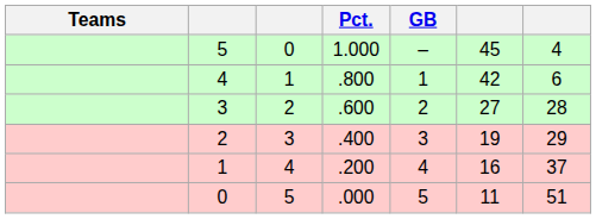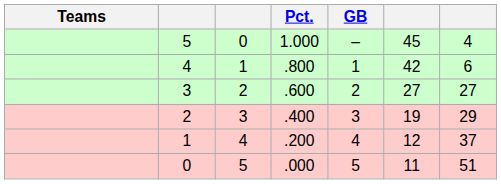 <table class="wikitable" style="text-align:center;">
 <tr>
 <th width=150px>Teams</th>
 <th width=50px></th>
 <th width=50px></th>
 <th width=50px><a href='#'>Pct.</a></th>
 <th width=50px><a href='#'>GB</a></th>
 <th width=50px></th>
 <th width=50px></th>
 </tr>
 <tr style="background-color:#cfc">
 <td align=left></td>
 <td>5</td>
 <td>0</td>
 <td>1.000</td>
 <td>–</td>
 <td>45</td>
 <td>4</td>
 </tr>
 <tr style="background-color:#cfc">
 <td align=left></td>
 <td>4</td>
 <td>1</td>
 <td>.800</td>
 <td>1</td>
 <td>42</td>
 <td>6</td>
 </tr>
 <tr style="background-color:#cfc">
 <td align=left></td>
 <td>3</td>
 <td>2</td>
 <td>.600</td>
 <td>2</td>
 <td>27</td>
-<td>28</td>
+<td>27</td>
 </tr>
 <tr style="background-color:#fcc">
 <td align=left></td>
 <td>2</td>
 <td>3</td>
 <td>.400</td>
 <td>3</td>
 <td>19</td>
 <td>29</td>
 </tr>
 <tr style="background-color:#fcc">
 <td align=left></td>
 <td>1</td>
 <td>4</td>
 <td>.200</td>
 <td>4</td>
-<td>16</td>
+<td>12</td>
 <td>37</td>
 </tr>
 <tr style="background-color:#fcc">
 <td align=left></td>
 <td>0</td>
 <td>5</td>
 <td>.000</td>
 <td>5</td>
 <td>11</td>
 <td>51</td>
 </tr>
 </table>
